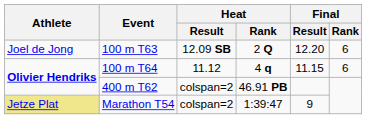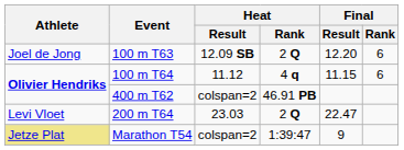 <table class="wikitable" style="font-size:90%">
 <tr>
 <th rowspan="2">Athlete</th>
 <th rowspan="2">Event</th>
 <th colspan="2">Heat</th>
 <th colspan="2">Final</th>
 </tr>
 <tr style="font-size:95%">
 <th>Result</th>
 <th>Rank</th>
 <th>Result</th>
 <th>Rank</th>
 </tr>
 <tr align=center>
 <td align=left><a href='#'>Joel de Jong</a></td>
 <td align=left><a href='#'>100 m T63</a></td>
 <td>12.09 <strong>SB</strong></td>
 <td>2 <strong>Q</strong></td>
 <td>12.20</td>
 <td>6</td>
 </tr>
 <tr align=center>
 <td align=left rowspan=2><strong><a href='#'>Olivier Hendriks</a></strong></td>
 <td align=left><a href='#'>100 m T64</a></td>
 <td>11.12</td>
 <td>4 <strong>q</strong></td>
 <td>11.15</td>
 <td>6</td>
 </tr>
 <tr align=center>
 <td align=left><a href='#'>400 m T62</a></td>
 <td>colspan=2 </td>
 <td>46.91 <strong>PB</strong></td>
 <td></td>
 </tr>
 <tr align=center>
+<td align=left><a href='#'>Levi Vloet</a></td>
+<td align=left><a href='#'>200 m T64</a></td>
+<td>23.03</td>
+<td>2 <strong>Q</strong></td>
+<td>22.47</td>
+<td></td>
+</tr>
+<tr align=center>
 <td align=left style="background: khaki;"><a href='#'>Jetze Plat</a></td>
 <td align=left><a href='#'>Marathon T54</a></td>
 <td>colspan=2 </td>
 <td>1:39:47</td>
 <td>9</td>
 </tr>
 </table>
